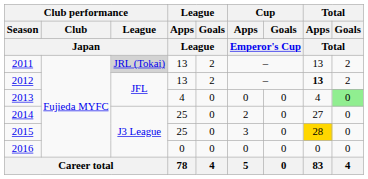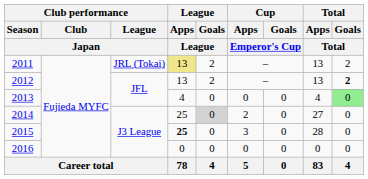 <table class="wikitable" style="text-align:center">
 <tr>
 <th colspan=3>Club performance</th>
 <th colspan=2>League</th>
 <th colspan=2>Cup</th>
 <th colspan=2>Total</th>
 </tr>
 <tr>
 <th>Season</th>
 <th>Club</th>
 <th>League</th>
 <th>Apps</th>
 <th>Goals</th>
 <th>Apps</th>
 <th>Goals</th>
 <th>Apps</th>
 <th>Goals</th>
 </tr>
 <tr>
 <th colspan=3>Japan</th>
 <th colspan=2>League</th>
 <th colspan=2><a href='#'>Emperor's Cup</a></th>
 <th colspan=2>Total</th>
 </tr>
 <tr>
 <td><a href='#'>2011</a></td>
 <td rowspan="6"><a href='#'>Fujieda MYFC</a></td>
-<td rowspan="1" style="background: lightgrey;"><a href='#'>JRL (Tokai)</a></td>
-<td>13</td>
+<td rowspan="1"><a href='#'>JRL (Tokai)</a></td>
+<td style="background: khaki;">13</td>
 <td>2</td>
 <td colspan="2">–</td>
 <td>13</td>
 <td>2</td>
 </tr>
 <tr>
 <td><a href='#'>2012</a></td>
 <td rowspan="2"><a href='#'>JFL</a></td>
 <td>13</td>
 <td>2</td>
 <td colspan="2">–</td>
-<td><strong>13</strong></td>
-<td>2</td>
+<td>13</td>
+<td><strong>2</strong></td>
 </tr>
 <tr>
 <td><a href='#'>2013</a></td>
 <td>4</td>
 <td>0</td>
 <td>0</td>
 <td>0</td>
 <td>4</td>
 <td style="background: lightgreen;">0</td>
 </tr>
 <tr>
 <td><a href='#'>2014</a></td>
 <td rowspan="3"><a href='#'>J3 League</a></td>
 <td>25</td>
-<td>0</td>
+<td style="background: lightgrey;">0</td>
 <td>2</td>
 <td>0</td>
 <td>27</td>
 <td>0</td>
 </tr>
 <tr>
 <td><a href='#'>2015</a></td>
-<td>25</td>
+<td><strong>25</strong></td>
 <td>0</td>
 <td>3</td>
 <td>0</td>
-<td style="background: gold;">28</td>
+<td>28</td>
 <td>0</td>
 </tr>
 <tr>
 <td><a href='#'>2016</a></td>
 <td>0</td>
 <td>0</td>
 <td>0</td>
 <td>0</td>
 <td>0</td>
 <td>0</td>
 </tr>
 <tr>
 <th colspan=3>Career total</th>
 <th>78</th>
 <th>4</th>
 <th>5</th>
 <th>0</th>
 <th>83</th>
 <th>4</th>
 </tr>
 </table>
